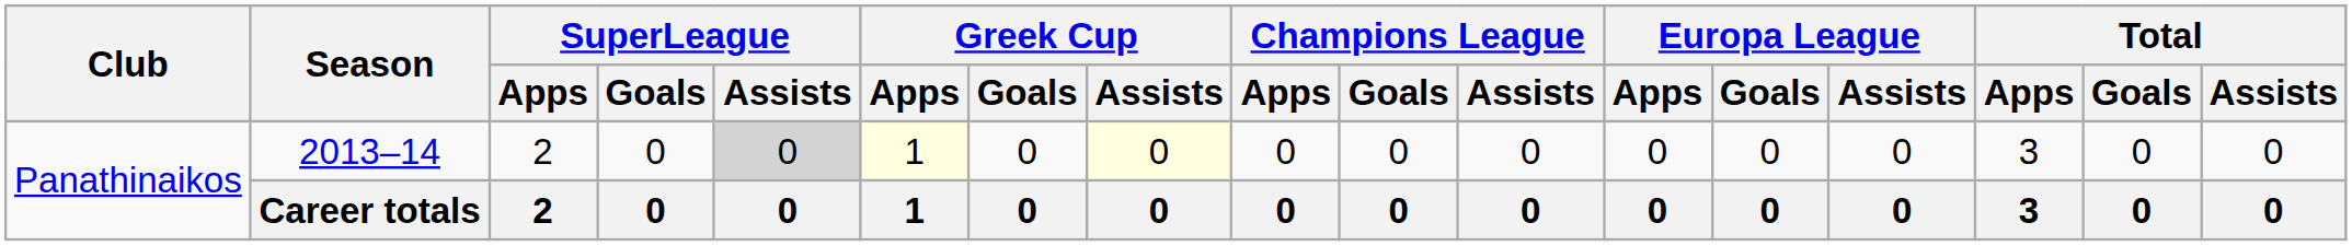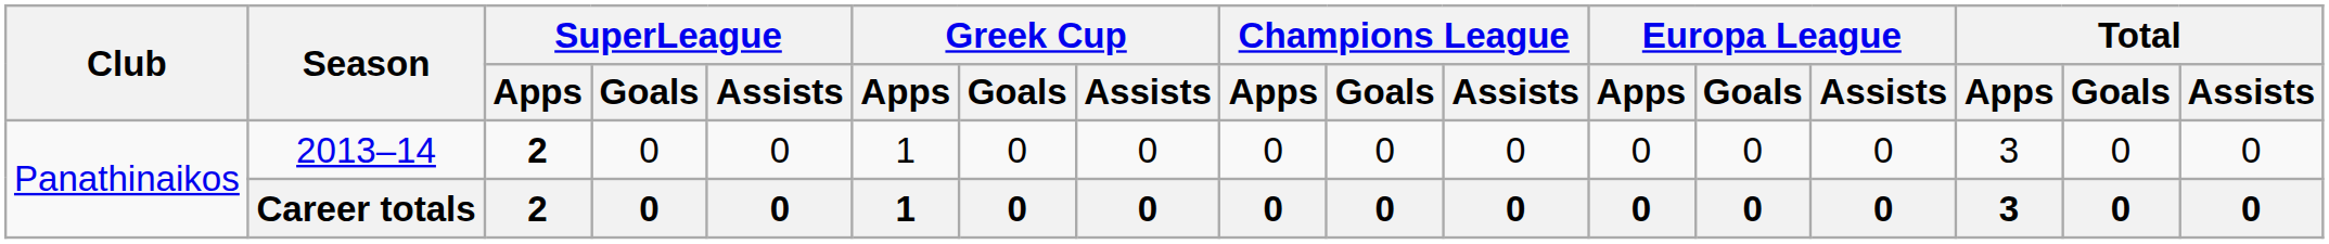 <table class="wikitable" style="font-size:88%; text-align: center">
 <tr>
 <th rowspan=2>Club</th>
 <th rowspan=2>Season</th>
 <th colspan=3><a href='#'>SuperLeague</a></th>
 <th colspan=3><a href='#'>Greek Cup</a></th>
 <th colspan=3><a href='#'>Champions League</a></th>
 <th colspan=3><a href='#'>Europa League</a></th>
 <th colspan=3>Total</th>
 </tr>
 <tr>
 <th>Apps</th>
 <th>Goals</th>
 <th>Assists</th>
 <th>Apps</th>
 <th>Goals</th>
 <th>Assists</th>
 <th>Apps</th>
 <th>Goals</th>
 <th>Assists</th>
 <th>Apps</th>
 <th>Goals</th>
 <th>Assists</th>
 <th>Apps</th>
 <th>Goals</th>
 <th>Assists</th>
 </tr>
 <tr>
 <td rowspan=7><a href='#'>Panathinaikos</a></td>
 <td><a href='#'>2013–14</a></td>
-<td>2</td>
+<td><strong>2</strong></td>
 <td>0</td>
-<td style="background: lightgrey;">0</td>
-<td style="background: lightyellow;">1</td>
 <td>0</td>
-<td style="background: lightyellow;">0</td>
+<td>1</td>
+<td>0</td>
+<td>0</td>
 <td>0</td>
 <td>0</td>
 <td>0</td>
 <td>0</td>
 <td>0</td>
 <td>0</td>
 <td>3</td>
 <td>0</td>
 <td>0</td>
 </tr>
 <tr>
 <th colspan="1">Career totals</th>
 <th>2</th>
 <th>0</th>
 <th>0</th>
 <th>1</th>
 <th>0</th>
 <th>0</th>
 <th>0</th>
 <th>0</th>
 <th>0</th>
 <th>0</th>
 <th>0</th>
 <th>0</th>
 <th>3</th>
 <th>0</th>
 <th>0</th>
 </tr>
 </table>
